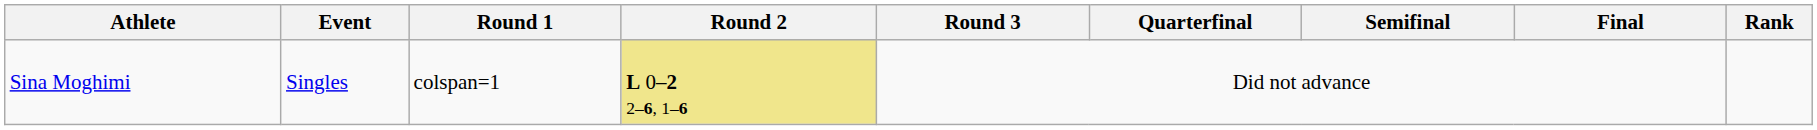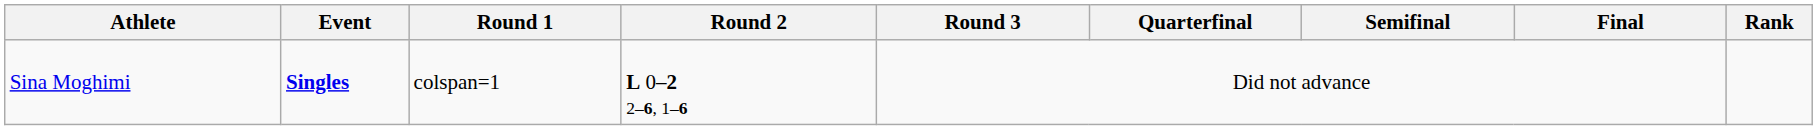 <table class="wikitable" width="98%" style="text-align:left; font-size:90%">
 <tr>
 <th width="13%">Athlete</th>
 <th width="6%">Event</th>
 <th width="10%">Round 1</th>
 <th width="12%">Round 2</th>
 <th width="10%">Round 3</th>
 <th width="10%">Quarterfinal</th>
 <th width="10%">Semifinal</th>
 <th width="10%">Final</th>
 <th width="4%">Rank</th>
 </tr>
 <tr>
 <td><a href='#'>Sina Moghimi</a></td>
-<td><a href='#'>Singles</a></td>
+<td><strong><a href='#'>Singles</a></strong></td>
 <td>colspan=1 </td>
-<td style="background: khaki;"><br><strong>L</strong> 0–<strong>2</strong><br><small>2–<strong>6</strong>, 1–<strong>6</strong></small></td>
+<td><br><strong>L</strong> 0–<strong>2</strong><br><small>2–<strong>6</strong>, 1–<strong>6</strong></small></td>
 <td align=center colspan=4>Did not advance</td>
 <td align="center"></td>
 </tr>
 </table>
